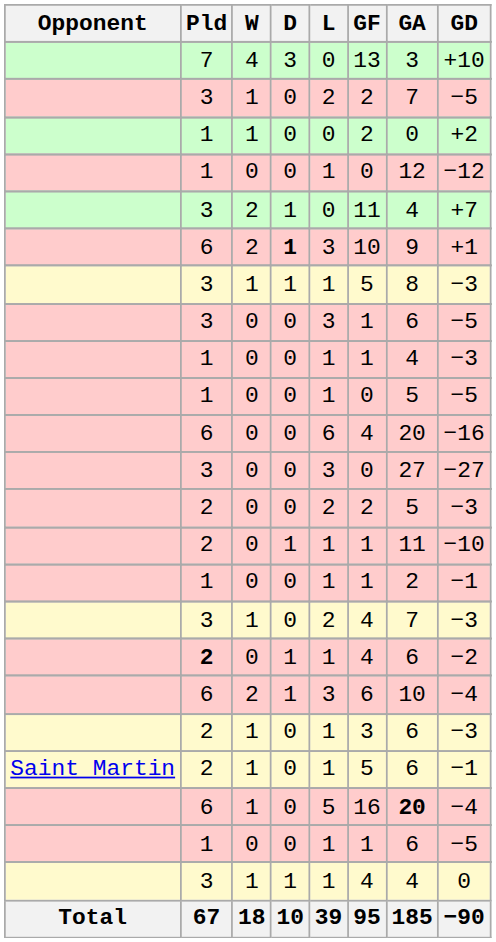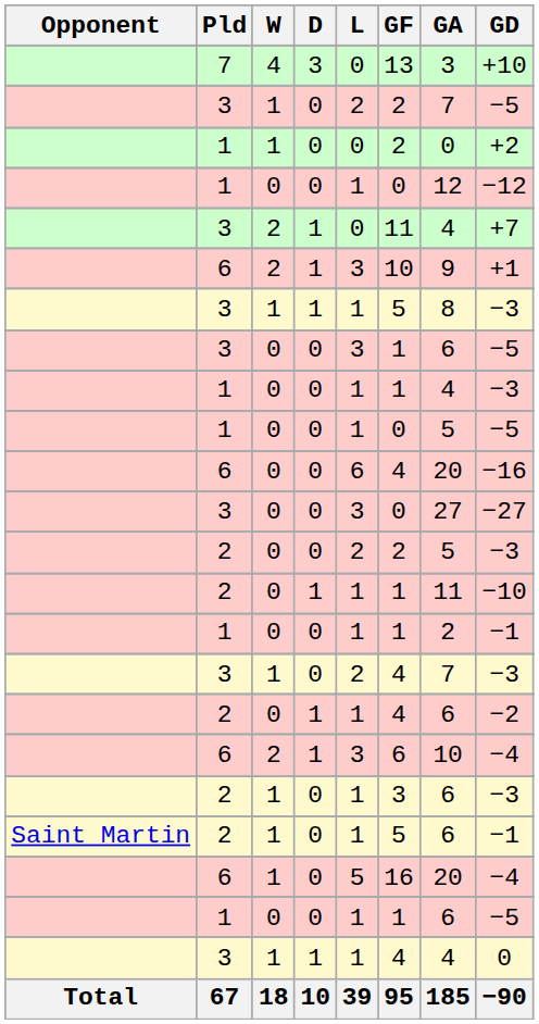 <table class="wikitable" style="text-align: center">
 <tr>
 <th>Opponent</th>
 <th>Pld</th>
 <th>W</th>
 <th>D</th>
 <th>L</th>
 <th>GF</th>
 <th>GA</th>
 <th>GD</th>
 </tr>
 <tr>
 </tr>
 <tr bgcolor="#CCFFCC">
 <td style="text-align:left;"></td>
 <td>7</td>
 <td>4</td>
 <td>3</td>
 <td>0</td>
 <td>13</td>
 <td>3</td>
 <td>+10</td>
 </tr>
 <tr>
 </tr>
 <tr bgcolor="#FFCCCC">
 <td style="text-align:left;"></td>
 <td>3</td>
 <td>1</td>
 <td>0</td>
 <td>2</td>
 <td>2</td>
 <td>7</td>
 <td>−5</td>
 </tr>
 <tr>
 </tr>
 <tr bgcolor="#CCFFCC">
 <td style="text-align:left;"></td>
 <td>1</td>
 <td>1</td>
 <td>0</td>
 <td>0</td>
 <td>2</td>
 <td>0</td>
 <td>+2</td>
 </tr>
 <tr>
 </tr>
 <tr bgcolor="#FFCCCC">
 <td style="text-align:left;"></td>
 <td>1</td>
 <td>0</td>
 <td>0</td>
 <td>1</td>
 <td>0</td>
 <td>12</td>
 <td>−12</td>
 </tr>
 <tr>
 </tr>
 <tr bgcolor="#CCFFCC">
 <td style="text-align:left;"></td>
 <td>3</td>
 <td>2</td>
 <td>1</td>
 <td>0</td>
 <td>11</td>
 <td>4</td>
 <td>+7</td>
 </tr>
 <tr>
 </tr>
 <tr bgcolor="#FFCCCC">
 <td style="text-align:left;"></td>
 <td>6</td>
 <td>2</td>
-<td><strong>1</strong></td>
+<td>1</td>
 <td>3</td>
 <td>10</td>
 <td>9</td>
 <td>+1</td>
 </tr>
 <tr>
 </tr>
 <tr bgcolor="#FFFACD">
 <td style="text-align:left;"></td>
 <td>3</td>
 <td>1</td>
 <td>1</td>
 <td>1</td>
 <td>5</td>
 <td>8</td>
 <td>−3</td>
 </tr>
 <tr>
 </tr>
 <tr bgcolor="#FFCCCC">
 <td style="text-align:left;"></td>
 <td>3</td>
 <td>0</td>
 <td>0</td>
 <td>3</td>
 <td>1</td>
 <td>6</td>
 <td>−5</td>
 </tr>
 <tr>
 </tr>
 <tr bgcolor="#FFCCCC">
 <td style="text-align:left;"></td>
 <td>1</td>
 <td>0</td>
 <td>0</td>
 <td>1</td>
 <td>1</td>
 <td>4</td>
 <td>−3</td>
 </tr>
 <tr>
 </tr>
 <tr bgcolor="#FFCCCC">
 <td style="text-align:left;"></td>
 <td>1</td>
 <td>0</td>
 <td>0</td>
 <td>1</td>
 <td>0</td>
 <td>5</td>
 <td>−5</td>
 </tr>
 <tr>
 </tr>
 <tr bgcolor="#FFCCCC">
 <td style="text-align:left;"></td>
 <td>6</td>
 <td>0</td>
 <td>0</td>
 <td>6</td>
 <td>4</td>
 <td>20</td>
 <td>−16</td>
 </tr>
 <tr>
 </tr>
 <tr bgcolor="#FFCCCC">
 <td style="text-align:left;"></td>
 <td>3</td>
 <td>0</td>
 <td>0</td>
 <td>3</td>
 <td>0</td>
 <td>27</td>
 <td>−27</td>
 </tr>
 <tr>
 </tr>
 <tr bgcolor="#FFCCCC">
 <td style="text-align:left;"></td>
 <td>2</td>
 <td>0</td>
 <td>0</td>
 <td>2</td>
 <td>2</td>
 <td>5</td>
 <td>−3</td>
 </tr>
 <tr>
 </tr>
 <tr bgcolor="#FFCCCC">
 <td style="text-align:left;"></td>
 <td>2</td>
 <td>0</td>
 <td>1</td>
 <td>1</td>
 <td>1</td>
 <td>11</td>
 <td>−10</td>
 </tr>
 <tr>
 </tr>
 <tr bgcolor="#FFCCCC">
 <td style="text-align:left;"></td>
 <td>1</td>
 <td>0</td>
 <td>0</td>
 <td>1</td>
 <td>1</td>
 <td>2</td>
 <td>−1</td>
 </tr>
 <tr>
 </tr>
 <tr bgcolor="#FFFACD">
 <td style="text-align:left;"></td>
 <td>3</td>
 <td>1</td>
 <td>0</td>
 <td>2</td>
 <td>4</td>
 <td>7</td>
 <td>−3</td>
 </tr>
 <tr>
 </tr>
 <tr bgcolor="#FFCCCC">
 <td style="text-align:left;"></td>
-<td><strong>2</strong></td>
+<td>2</td>
 <td>0</td>
 <td>1</td>
 <td>1</td>
 <td>4</td>
 <td>6</td>
 <td>−2</td>
 </tr>
 <tr>
 </tr>
 <tr bgcolor="#FFCCCC">
 <td style="text-align:left;"></td>
 <td>6</td>
 <td>2</td>
 <td>1</td>
 <td>3</td>
 <td>6</td>
 <td>10</td>
 <td>−4</td>
 </tr>
 <tr>
 </tr>
 <tr bgcolor="#FFFACD">
 <td style="text-align:left;"></td>
 <td>2</td>
 <td>1</td>
 <td>0</td>
 <td>1</td>
 <td>3</td>
 <td>6</td>
 <td>−3</td>
 </tr>
 <tr>
 </tr>
 <tr bgcolor="#FFFACD">
 <td style="text-align:left;"> <a href='#'>Saint Martin</a></td>
 <td>2</td>
 <td>1</td>
 <td>0</td>
 <td>1</td>
 <td>5</td>
 <td>6</td>
 <td>−1</td>
 </tr>
 <tr>
 </tr>
 <tr bgcolor="#FFCCCC">
 <td style="text-align:left;"></td>
 <td>6</td>
 <td>1</td>
 <td>0</td>
 <td>5</td>
 <td>16</td>
-<td><strong>20</strong></td>
+<td>20</td>
 <td>−4</td>
 </tr>
 <tr>
 </tr>
 <tr bgcolor="#FFCCCC">
 <td style="text-align:left;"></td>
 <td>1</td>
 <td>0</td>
 <td>0</td>
 <td>1</td>
 <td>1</td>
 <td>6</td>
 <td>−5</td>
 </tr>
 <tr>
 </tr>
 <tr bgcolor="#FFFACD">
 <td style="text-align:left;"></td>
 <td>3</td>
 <td>1</td>
 <td>1</td>
 <td>1</td>
 <td>4</td>
 <td>4</td>
 <td>0</td>
 </tr>
 <tr class="sortbottom">
 <th>Total</th>
 <th>67</th>
 <th>18</th>
 <th>10</th>
 <th>39</th>
 <th>95</th>
 <th>185</th>
 <th>−90</th>
 </tr>
 </table>
